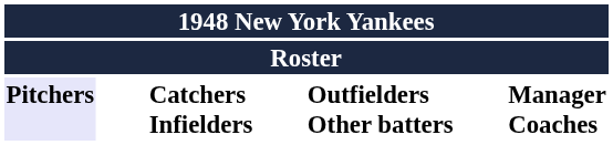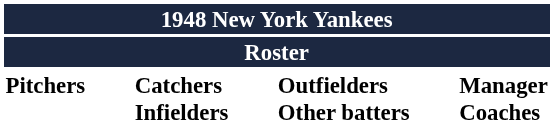 <table class="toccolours" style="font-size: 95%;">
 <tr>
 <th colspan="10" style="background-color: #1c2841; color: white; text-align: center;">1948 New York Yankees</th>
 </tr>
 <tr>
 <td colspan="10" style="background-color: #1c2841; color: white; text-align: center;"><strong>Roster</strong></td>
 </tr>
 <tr>
-<td valign="top" style="background: lavender;"><strong>Pitchers</strong><br>            </td>
+<td valign="top"><strong>Pitchers</strong><br>            </td>
 <td width="25px"></td>
 <td valign="top"><strong>Catchers</strong><br>     <strong>Infielders</strong>        </td>
 <td width="25px"></td>
 <td valign="top"><strong>Outfielders</strong><br>      <strong>Other batters</strong>   </td>
 <td width="25px"></td>
 <td valign="top"><strong>Manager</strong><br> <strong>Coaches</strong>    </td>
 </tr>
 </table>
